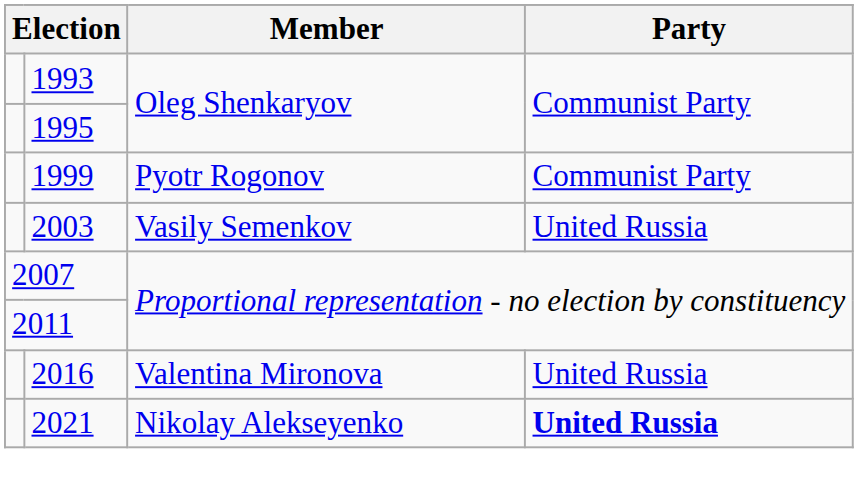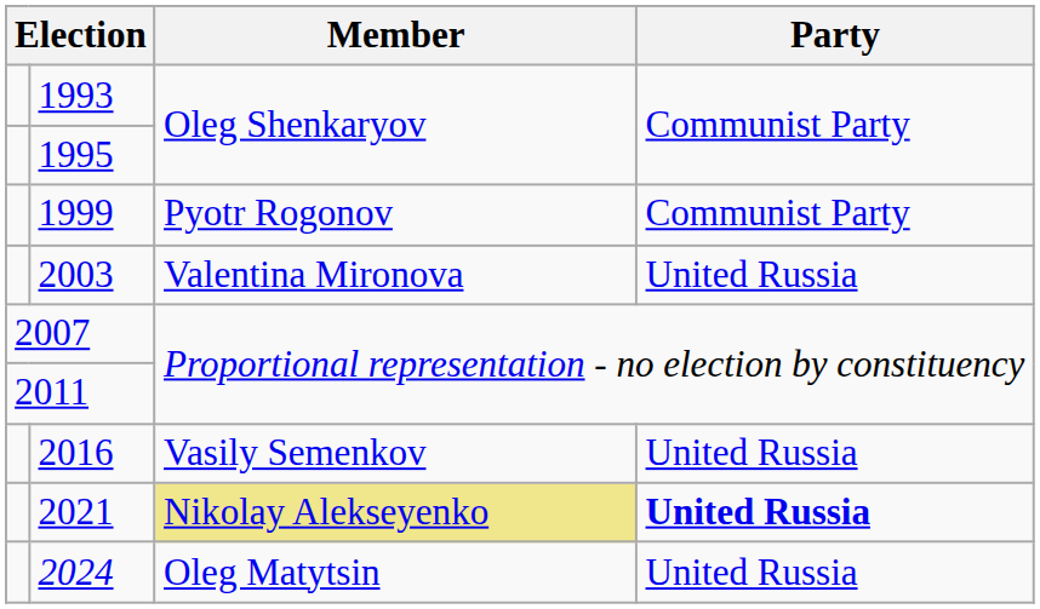 <table class="wikitable">
 <tr>
 <th colspan="2">Election</th>
 <th>Member</th>
 <th>Party</th>
 </tr>
 <tr>
 <td style="background-color:"></td>
 <td><a href='#'>1993</a></td>
 <td rowspan=2><a href='#'>Oleg Shenkaryov</a></td>
 <td rowspan=2><a href='#'>Communist Party</a></td>
 </tr>
 <tr>
 <td style="background-color:"></td>
 <td><a href='#'>1995</a></td>
 </tr>
 <tr>
 <td style="background-color:"></td>
 <td><a href='#'>1999</a></td>
 <td><a href='#'>Pyotr Rogonov</a></td>
 <td><a href='#'>Communist Party</a></td>
 </tr>
 <tr>
 <td style="background-color:"></td>
 <td><a href='#'>2003</a></td>
-<td><a href='#'>Vasily Semenkov</a></td>
+<td><a href='#'>Valentina Mironova</a></td>
 <td><a href='#'>United Russia</a></td>
 </tr>
 <tr>
 <td colspan=2><a href='#'>2007</a></td>
 <td colspan=2 rowspan=2><em><a href='#'>Proportional representation</a> - no election by constituency</em></td>
 </tr>
 <tr>
 <td colspan=2><a href='#'>2011</a></td>
 </tr>
 <tr>
 <td style="background-color:"></td>
 <td><a href='#'>2016</a></td>
-<td><a href='#'>Valentina Mironova</a></td>
+<td><a href='#'>Vasily Semenkov</a></td>
 <td><a href='#'>United Russia</a></td>
 </tr>
 <tr>
 <td style="background-color:"></td>
 <td><a href='#'>2021</a></td>
-<td><a href='#'>Nikolay Alekseyenko</a></td>
+<td style="background: khaki;"><a href='#'>Nikolay Alekseyenko</a></td>
 <td><strong><a href='#'>United Russia</a></strong></td>
 </tr>
+<tr>
+<td style="background-color:"></td>
+<td><em><a href='#'>2024</a></em></td>
+<td><a href='#'>Oleg Matytsin</a></td>
+<td><a href='#'>United Russia</a></td>
+</tr>
 </table>
